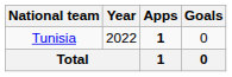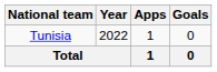 <table class=wikitable style=text-align:center>
 <tr>
 <th>National team</th>
 <th>Year</th>
 <th>Apps</th>
 <th>Goals</th>
 </tr>
 <tr>
 <td><a href='#'>Tunisia</a></td>
 <td>2022</td>
-<td><strong>1</strong></td>
+<td>1</td>
 <td>0</td>
 </tr>
 <tr>
 <th colspan="2">Total</th>
 <th>1</th>
 <th>0</th>
 </tr>
 </table>
